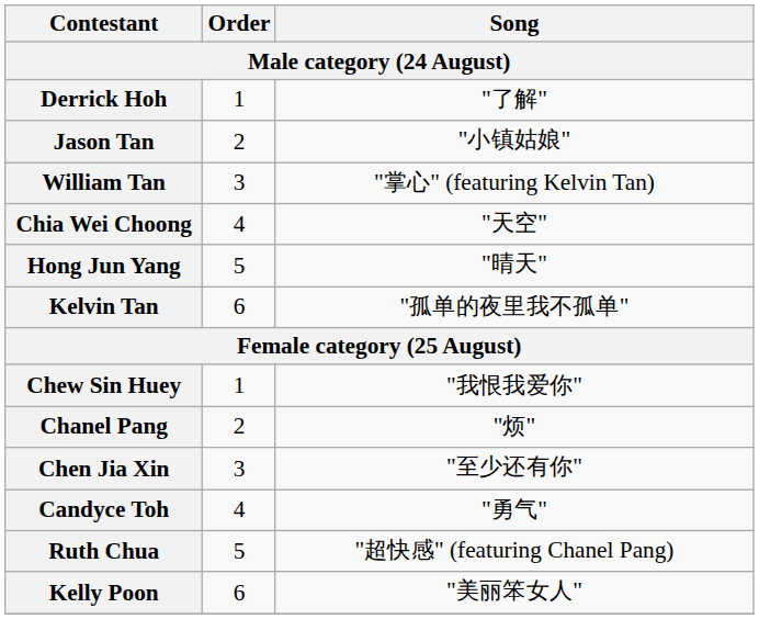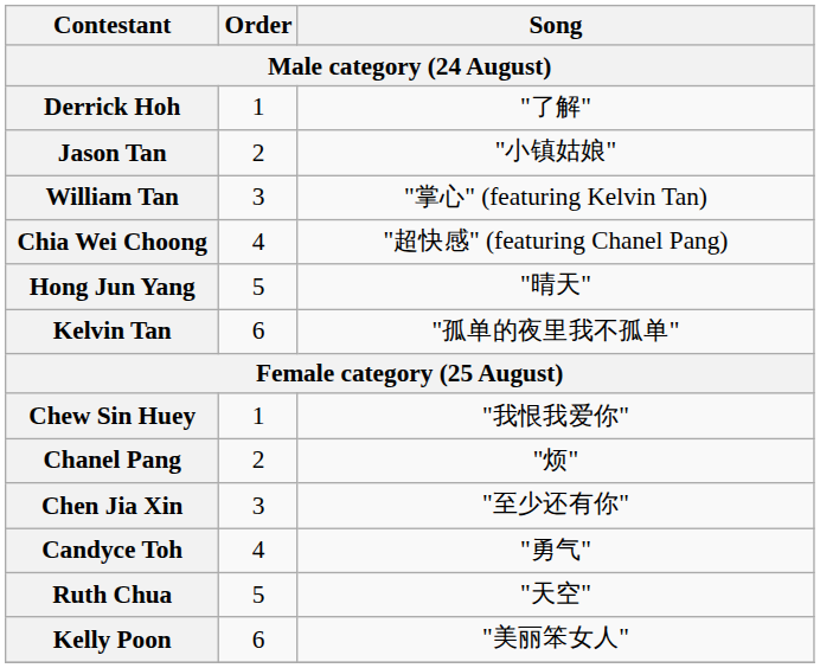 <table class="wikitable plainrowheaders" style="text-align:center;">
 <tr>
 <th scope="col" style="width:8em;">Contestant</th>
 <th scope="col">Order</th>
 <th scope="col" style="width:20em;">Song</th>
 </tr>
 <tr>
 <th colspan=3>Male category (24 August)</th>
 </tr>
 <tr>
 <th scope="row">Derrick Hoh</th>
 <td>1</td>
 <td>"了解"</td>
 </tr>
 <tr>
 <th scope="row">Jason Tan</th>
 <td>2</td>
 <td>"小镇姑娘"</td>
 </tr>
 <tr>
 <th scope="row">William Tan</th>
 <td>3</td>
 <td>"掌心" (featuring Kelvin Tan)</td>
 </tr>
 <tr>
 <th scope="row">Chia Wei Choong</th>
 <td>4</td>
-<td>"天空"</td>
+<td>"超快感" (featuring Chanel Pang)</td>
 </tr>
 <tr>
 <th scope="row">Hong Jun Yang</th>
 <td>5</td>
 <td>"晴天"</td>
 </tr>
 <tr>
 <th scope="row">Kelvin Tan</th>
 <td>6</td>
 <td>"孤单的夜里我不孤单"</td>
 </tr>
 <tr>
 <th colspan=3>Female category (25 August)</th>
 </tr>
 <tr>
 <th scope="row">Chew Sin Huey</th>
 <td>1</td>
 <td>"我恨我爱你"</td>
 </tr>
 <tr>
 <th scope="row">Chanel Pang</th>
 <td>2</td>
 <td>"烦"</td>
 </tr>
 <tr>
 <th scope="row">Chen Jia Xin</th>
 <td>3</td>
 <td>"至少还有你"</td>
 </tr>
 <tr>
 <th scope="row">Candyce Toh</th>
 <td>4</td>
 <td>"勇气"</td>
 </tr>
 <tr>
 <th scope="row">Ruth Chua</th>
 <td>5</td>
-<td>"超快感" (featuring Chanel Pang)</td>
+<td>"天空"</td>
 </tr>
 <tr>
 <th scope="row">Kelly Poon</th>
 <td>6</td>
 <td>"美丽笨女人"</td>
 </tr>
 <tr>
 </tr>
 </table>
